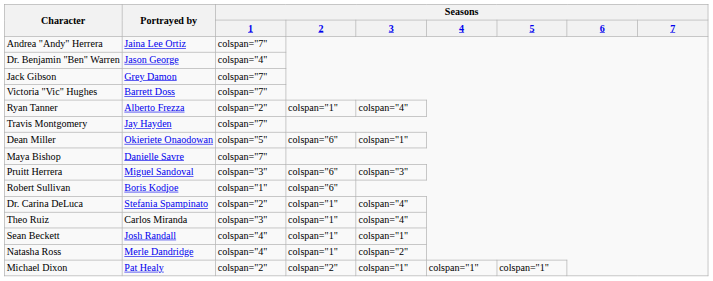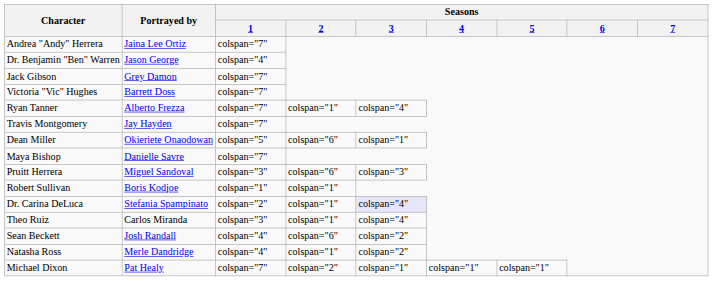 <table class="wikitable">
 <tr>
 <th rowspan="2">Character</th>
 <th rowspan="2">Portrayed by</th>
 <th colspan="7">Seasons</th>
 </tr>
 <tr>
 <th style="width:10%;"><a href='#'>1</a></th>
 <th style="width:10%;"><a href='#'>2</a></th>
 <th style="width:10%;"><a href='#'>3</a></th>
 <th style="width:10%;"><a href='#'>4</a></th>
 <th style="width:10%;"><a href='#'>5</a></th>
 <th style="width:10%;"><a href='#'>6</a></th>
 <th style="width:10%;"><a href='#'>7</a></th>
 </tr>
 <tr>
 <td>Andrea "Andy" Herrera</td>
 <td><a href='#'>Jaina Lee Ortiz</a></td>
 <td>colspan="7" </td>
 </tr>
 <tr>
 <td>Dr. Benjamin "Ben" Warren</td>
 <td><a href='#'>Jason George</a></td>
 <td>colspan="4" </td>
 </tr>
 <tr>
 <td>Jack Gibson</td>
 <td><a href='#'>Grey Damon</a></td>
 <td>colspan="7" </td>
 </tr>
 <tr>
 <td>Victoria "Vic" Hughes</td>
 <td><a href='#'>Barrett Doss</a></td>
 <td>colspan="7" </td>
 </tr>
 <tr>
 <td>Ryan Tanner</td>
 <td><a href='#'>Alberto Frezza</a></td>
-<td>colspan="2" </td>
+<td>colspan="7" </td>
 <td>colspan="1" </td>
 <td>colspan="4" </td>
 </tr>
 <tr>
 <td>Travis Montgomery</td>
 <td><a href='#'>Jay Hayden</a></td>
 <td>colspan="7" </td>
 </tr>
 <tr>
 <td>Dean Miller</td>
 <td><a href='#'>Okieriete Onaodowan</a></td>
 <td>colspan="5" </td>
 <td>colspan="6" </td>
 <td>colspan="1" </td>
 </tr>
 <tr>
 <td>Maya Bishop</td>
 <td><a href='#'>Danielle Savre</a></td>
 <td>colspan="7" </td>
 </tr>
 <tr>
 <td>Pruitt Herrera</td>
 <td><a href='#'>Miguel Sandoval</a></td>
 <td>colspan="3" </td>
 <td>colspan="6" </td>
 <td>colspan="3" </td>
 </tr>
 <tr>
 <td>Robert Sullivan</td>
 <td><a href='#'>Boris Kodjoe</a></td>
 <td>colspan="1" </td>
-<td>colspan="6" </td>
+<td>colspan="1" </td>
 </tr>
 <tr>
 <td>Dr. Carina DeLuca</td>
 <td><a href='#'>Stefania Spampinato</a></td>
 <td>colspan="2" </td>
 <td>colspan="1" </td>
-<td>colspan="4" </td>
+<td style="background: lavender;">colspan="4" </td>
 </tr>
 <tr>
 <td>Theo Ruiz</td>
 <td>Carlos Miranda</td>
 <td>colspan="3" </td>
 <td>colspan="1" </td>
 <td>colspan="4" </td>
 </tr>
 <tr>
 <td>Sean Beckett</td>
 <td><a href='#'>Josh Randall</a></td>
 <td>colspan="4" </td>
-<td>colspan="1" </td>
-<td>colspan="1" </td>
+<td>colspan="6" </td>
+<td>colspan="2" </td>
 </tr>
 <tr>
 <td>Natasha Ross</td>
 <td><a href='#'>Merle Dandridge</a></td>
 <td>colspan="4" </td>
 <td>colspan="1" </td>
 <td>colspan="2" </td>
 </tr>
 <tr>
 <td>Michael Dixon</td>
 <td><a href='#'>Pat Healy</a></td>
-<td>colspan="2" </td>
+<td>colspan="7" </td>
 <td>colspan="2" </td>
 <td>colspan="1" </td>
 <td>colspan="1" </td>
 <td>colspan="1" </td>
 </tr>
 </table>
